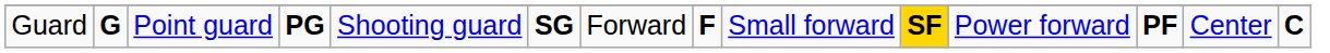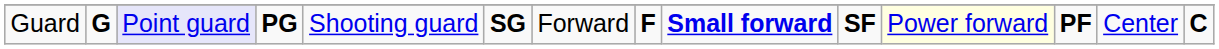 <table class="wikitable">
 <tr style="text-align:center; ">
 </tr>
 <tr>
 <td>Guard</td>
 <td><strong>G</strong></td>
-<td><a href='#'>Point guard</a></td>
+<td style="background: lavender;"><a href='#'>Point guard</a></td>
 <td><strong>PG</strong></td>
 <td><a href='#'>Shooting guard</a></td>
 <td><strong>SG</strong></td>
 <td>Forward</td>
 <td><strong>F</strong></td>
-<td><a href='#'>Small forward</a></td>
-<td style="background: gold;"><strong>SF</strong></td>
-<td><a href='#'>Power forward</a></td>
+<td><strong><a href='#'>Small forward</a></strong></td>
+<td><strong>SF</strong></td>
+<td style="background: lightyellow;"><a href='#'>Power forward</a></td>
 <td><strong>PF</strong></td>
 <td><a href='#'>Center</a></td>
 <td><strong>C</strong></td>
 </tr>
 </table>
